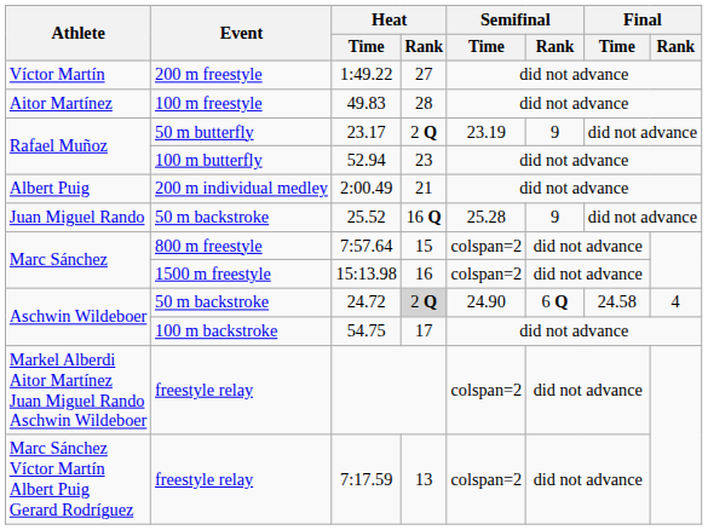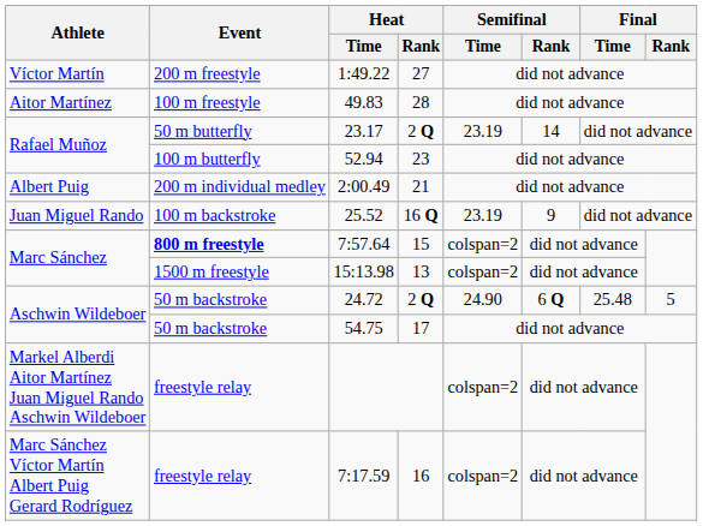 <table class=wikitable style="font-size:90%">
 <tr>
 <th rowspan="2">Athlete</th>
 <th rowspan="2">Event</th>
 <th colspan="2">Heat</th>
 <th colspan="2">Semifinal</th>
 <th colspan="2">Final</th>
 </tr>
 <tr style="font-size:95%">
 <th>Time</th>
 <th>Rank</th>
 <th>Time</th>
 <th>Rank</th>
 <th>Time</th>
 <th>Rank</th>
 </tr>
 <tr align=center>
 <td align=left><a href='#'>Víctor Martín</a></td>
 <td align=left><a href='#'>200 m freestyle</a></td>
 <td>1:49.22</td>
 <td>27</td>
 <td colspan=4>did not advance</td>
 </tr>
 <tr align=center>
 <td align=left><a href='#'>Aitor Martínez</a></td>
 <td align=left><a href='#'>100 m freestyle</a></td>
 <td>49.83</td>
 <td>28</td>
 <td colspan=4>did not advance</td>
 </tr>
 <tr align=center>
 <td align=left rowspan=2><a href='#'>Rafael Muñoz</a></td>
 <td align=left><a href='#'>50 m butterfly</a></td>
 <td>23.17</td>
 <td>2 <strong>Q</strong></td>
 <td>23.19</td>
-<td>9</td>
+<td>14</td>
 <td colspan=2>did not advance</td>
 </tr>
 <tr align=center>
 <td align=left><a href='#'>100 m butterfly</a></td>
 <td>52.94</td>
 <td>23</td>
 <td colspan=4>did not advance</td>
 </tr>
 <tr align=center>
 <td align=left><a href='#'>Albert Puig</a></td>
 <td align=left><a href='#'>200 m individual medley</a></td>
 <td>2:00.49</td>
 <td>21</td>
 <td colspan=4>did not advance</td>
 </tr>
 <tr align=center>
 <td align=left><a href='#'>Juan Miguel Rando</a></td>
-<td align=left><a href='#'>50 m backstroke</a></td>
+<td align=left><a href='#'>100 m backstroke</a></td>
 <td>25.52</td>
 <td>16 <strong>Q</strong></td>
-<td>25.28</td>
+<td>23.19</td>
 <td>9</td>
 <td colspan=2>did not advance</td>
 </tr>
 <tr align=center>
 <td align=left rowspan=2><a href='#'>Marc Sánchez</a></td>
-<td align=left><a href='#'>800 m freestyle</a></td>
+<td align=left><strong><a href='#'>800 m freestyle</a></strong></td>
 <td>7:57.64</td>
 <td>15</td>
 <td>colspan=2 </td>
 <td colspan=2>did not advance</td>
 </tr>
 <tr align=center>
 <td align=left><a href='#'>1500 m freestyle</a></td>
 <td>15:13.98</td>
-<td>16</td>
+<td>13</td>
 <td>colspan=2 </td>
 <td colspan=2>did not advance</td>
 </tr>
 <tr align=center>
 <td align=left rowspan=2><a href='#'>Aschwin Wildeboer</a></td>
 <td align=left><a href='#'>50 m backstroke</a></td>
 <td>24.72</td>
-<td style="background: lightgrey;">2 <strong>Q</strong></td>
+<td>2 <strong>Q</strong></td>
 <td>24.90</td>
 <td>6 <strong>Q</strong></td>
-<td>24.58</td>
-<td>4</td>
+<td>25.48</td>
+<td>5</td>
 </tr>
 <tr align=center>
-<td align=left><a href='#'>100 m backstroke</a></td>
+<td align=left><a href='#'>50 m backstroke</a></td>
 <td>54.75</td>
 <td>17</td>
 <td colspan=4>did not advance</td>
 </tr>
 <tr align=center>
 <td align=left><a href='#'>Markel Alberdi</a><br><a href='#'>Aitor Martínez</a><br><a href='#'>Juan Miguel Rando</a><br><a href='#'>Aschwin Wildeboer</a></td>
 <td align=left><a href='#'> freestyle relay</a></td>
 <td colspan=2></td>
 <td>colspan=2 </td>
 <td colspan=2>did not advance</td>
 </tr>
 <tr align=center>
 <td align=left><a href='#'>Marc Sánchez</a><br><a href='#'>Víctor Martín</a><br><a href='#'>Albert Puig</a><br><a href='#'>Gerard Rodríguez</a></td>
 <td align=left><a href='#'> freestyle relay</a></td>
 <td>7:17.59</td>
-<td>13</td>
+<td>16</td>
 <td>colspan=2 </td>
 <td colspan=2>did not advance</td>
 </tr>
 </table>
